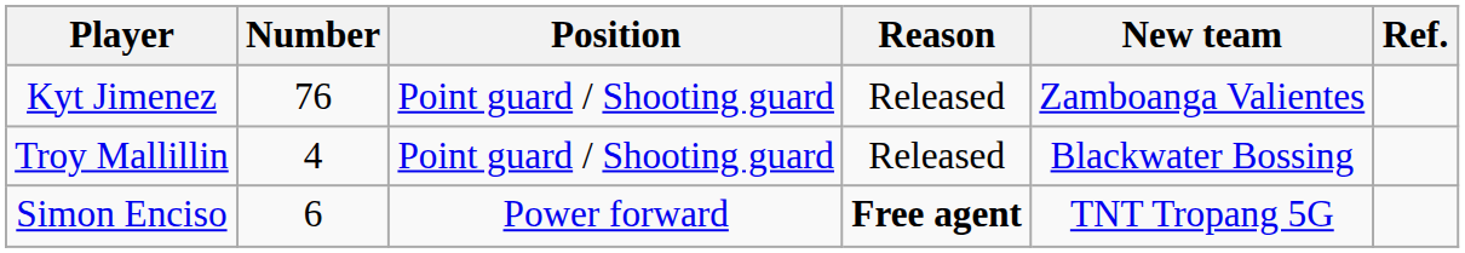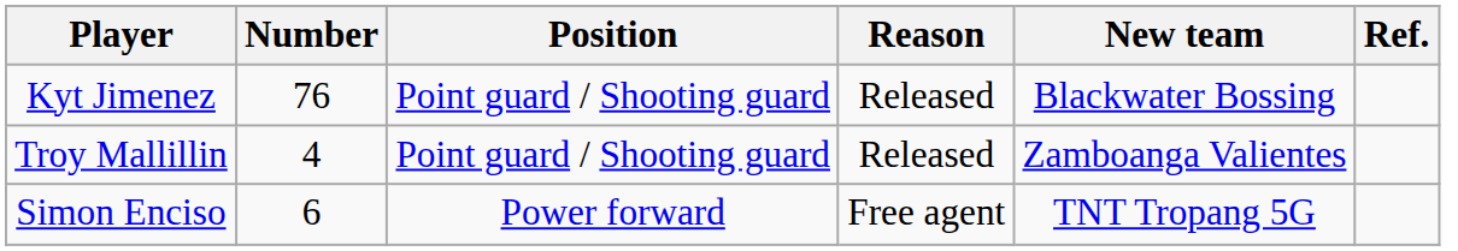 <table class="wikitable sortable sortable">
 <tr>
 <th>Player</th>
 <th>Number</th>
 <th>Position</th>
 <th>Reason</th>
 <th>New team</th>
 <th>Ref.</th>
 </tr>
 <tr style="text-align: center">
 <td><a href='#'>Kyt Jimenez</a></td>
 <td>76</td>
 <td><a href='#'>Point guard</a> / <a href='#'>Shooting guard</a></td>
 <td>Released</td>
-<td><a href='#'>Zamboanga Valientes</a> </td>
+<td><a href='#'>Blackwater Bossing</a></td>
 <td></td>
 </tr>
 <tr style="text-align: center">
 <td><a href='#'>Troy Mallillin</a></td>
 <td>4</td>
 <td><a href='#'>Point guard</a> / <a href='#'>Shooting guard</a></td>
 <td>Released</td>
-<td><a href='#'>Blackwater Bossing</a></td>
+<td><a href='#'>Zamboanga Valientes</a> </td>
 <td></td>
 </tr>
 <tr style="text-align: center">
 <td><a href='#'>Simon Enciso</a></td>
 <td>6</td>
 <td><a href='#'>Power forward</a></td>
-<td><strong>Free agent</strong></td>
+<td>Free agent</td>
 <td><a href='#'>TNT Tropang 5G</a></td>
 <td></td>
 </tr>
 </table>
